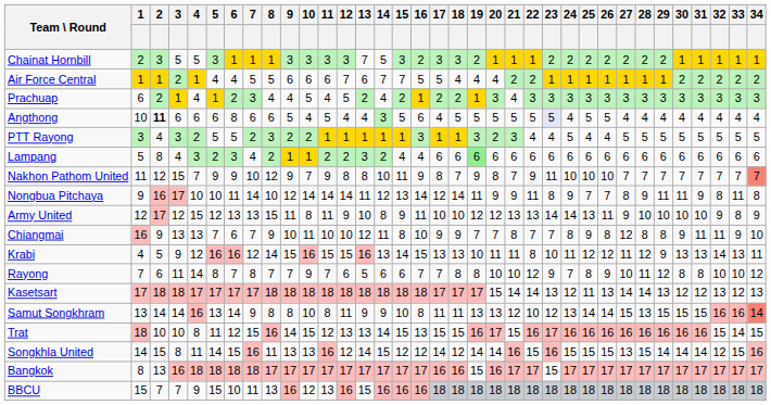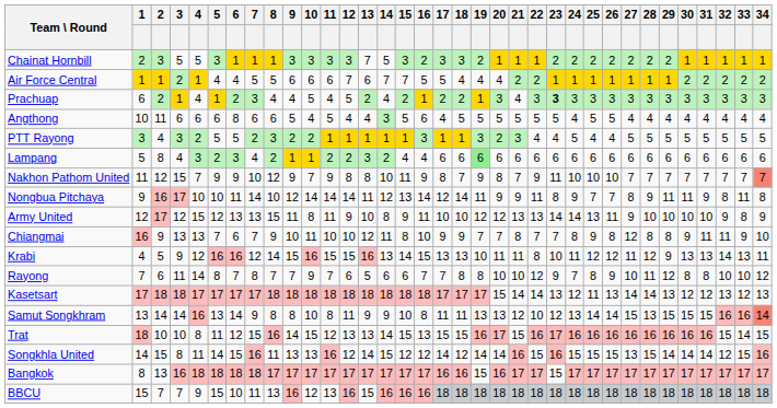 <table class="wikitable sortable" style="font-size: 74%; text-align:center;">
 <tr>
 <th rowspan="2" style="width:76px;">Team \ Round</th>
 <th align=center>1</th>
 <th align=center>2</th>
 <th align=center>3</th>
 <th align=center>4</th>
 <th align=center>5</th>
 <th align=center>6</th>
 <th align=center>7</th>
 <th align=center>8</th>
 <th align=center>9</th>
 <th align=center>10</th>
 <th align=center>11</th>
 <th align=center>12</th>
 <th align=center>13</th>
 <th align=center>14</th>
 <th align=center>15</th>
 <th align=center>16</th>
 <th align=center>17</th>
 <th align=center>18</th>
 <th align=center>19</th>
 <th align=center>20</th>
 <th align=center>21</th>
 <th align=center>22</th>
 <th align=center>23</th>
 <th align=center>24</th>
 <th align=center>25</th>
 <th align=center>26</th>
 <th align=center>27</th>
 <th align=center>28</th>
 <th align=center>29</th>
 <th align=center>30</th>
 <th align=center>31</th>
 <th align=center>32</th>
 <th align=center>33</th>
 <th align=center>34</th>
 </tr>
 <tr>
 <th style="text-align:center; height:20px;"></th>
 <th align=center></th>
 <th align=center></th>
 <th align=center></th>
 <th align=center></th>
 <th align=center></th>
 <th align=center></th>
 <th align=center></th>
 <th align=center></th>
 <th align=center></th>
 <th align=center></th>
 <th align=center></th>
 <th align=center></th>
 <th align=center></th>
 <th align=center></th>
 <th align=center></th>
 <th align=center></th>
 <th align=center></th>
 <th align=center></th>
 <th align=center></th>
 <th align=center></th>
 <th align=center></th>
 <th align=center></th>
 <th align=center></th>
 <th align=center></th>
 <th align=center></th>
 <th align=center></th>
 <th align=center></th>
 <th align=center></th>
 <th align=center></th>
 <th align=center></th>
 <th align=center></th>
 <th align=center></th>
 <th align=center></th>
 </tr>
 <tr align=center>
 <td align=left><a href='#'>Chainat Hornbill</a></td>
 <td style="background:#BBF3BB">2</td>
 <td style="background:#BBF3BB">3</td>
 <td>5</td>
 <td>5</td>
 <td style="background:#BBF3BB">3</td>
 <td style="background:gold">1</td>
 <td style="background:gold">1</td>
 <td style="background:gold">1</td>
 <td style="background:#BBF3BB">3</td>
 <td style="background:#BBF3BB">3</td>
 <td style="background:#BBF3BB">3</td>
 <td style="background:#BBF3BB">3</td>
 <td>7</td>
 <td>5</td>
 <td style="background:#BBF3BB">3</td>
 <td style="background:#BBF3BB">2</td>
 <td style="background:#BBF3BB">3</td>
 <td style="background:#BBF3BB">3</td>
 <td style="background:#BBF3BB">2</td>
 <td style="background:gold">1</td>
 <td style="background:gold">1</td>
 <td style="background:gold">1</td>
 <td style="background:#BBF3BB">2</td>
 <td style="background:#BBF3BB">2</td>
 <td style="background:#BBF3BB">2</td>
 <td style="background:#BBF3BB">2</td>
 <td style="background:#BBF3BB">2</td>
 <td style="background:#BBF3BB">2</td>
 <td style="background:#BBF3BB">2</td>
 <td style="background:gold">1</td>
 <td style="background:gold">1</td>
 <td style="background:gold">1</td>
 <td style="background:gold">1</td>
 <td style="background:gold">1</td>
 </tr>
 <tr align=center>
 <td align=left><a href='#'>Air Force Central</a></td>
 <td style="background:gold">1</td>
 <td style="background:gold">1</td>
 <td style="background:#BBF3BB">2</td>
 <td style="background:gold">1</td>
 <td>4</td>
 <td>4</td>
 <td>5</td>
 <td>5</td>
 <td>6</td>
 <td>6</td>
 <td>6</td>
 <td>7</td>
 <td>6</td>
 <td>7</td>
 <td>7</td>
 <td>5</td>
 <td>5</td>
 <td>4</td>
 <td>4</td>
 <td>4</td>
 <td style="background:#BBF3BB">2</td>
 <td style="background:#BBF3BB">2</td>
 <td style="background:gold">1</td>
 <td style="background:gold">1</td>
 <td style="background:gold">1</td>
 <td style="background:gold">1</td>
 <td style="background:gold">1</td>
 <td style="background:gold">1</td>
 <td style="background:gold">1</td>
 <td style="background:#BBF3BB">2</td>
 <td style="background:#BBF3BB">2</td>
 <td style="background:#BBF3BB">2</td>
 <td style="background:#BBF3BB">2</td>
 <td style="background:#BBF3BB">2</td>
 </tr>
 <tr align=center>
 <td align=left><a href='#'>Prachuap</a></td>
 <td>6</td>
 <td style="background:#BBF3BB">2</td>
 <td style="background:gold">1</td>
 <td>4</td>
 <td style="background:gold">1</td>
 <td style="background:#BBF3BB">2</td>
 <td style="background:#BBF3BB">3</td>
 <td>4</td>
 <td>4</td>
 <td>5</td>
 <td>4</td>
 <td>5</td>
 <td style="background:#BBF3BB">2</td>
 <td>4</td>
 <td style="background:#BBF3BB">2</td>
 <td style="background:gold">1</td>
 <td style="background:#BBF3BB">2</td>
 <td style="background:#BBF3BB">2</td>
 <td style="background:gold">1</td>
 <td style="background:#BBF3BB">3</td>
 <td>4</td>
 <td style="background:#BBF3BB">3</td>
-<td style="background:#BBF3BB">3</td>
+<td style="background:#BBF3BB"><strong>3</strong></td>
 <td style="background:#BBF3BB">3</td>
 <td style="background:#BBF3BB">3</td>
 <td style="background:#BBF3BB">3</td>
 <td style="background:#BBF3BB">3</td>
 <td style="background:#BBF3BB">3</td>
 <td style="background:#BBF3BB">3</td>
 <td style="background:#BBF3BB">3</td>
 <td style="background:#BBF3BB">3</td>
 <td style="background:#BBF3BB">3</td>
 <td style="background:#BBF3BB">3</td>
 <td style="background:#BBF3BB">3</td>
 </tr>
 <tr align=center>
 <td align=left><a href='#'>Angthong</a></td>
 <td>10</td>
-<td><strong>11</strong></td>
+<td>11</td>
 <td>6</td>
 <td>6</td>
 <td>6</td>
 <td>8</td>
 <td>6</td>
 <td>6</td>
 <td>5</td>
 <td>4</td>
 <td>5</td>
 <td>4</td>
 <td>4</td>
 <td style="background:#BBF3BB">3</td>
 <td>5</td>
 <td>6</td>
 <td>4</td>
 <td>5</td>
 <td>5</td>
 <td>5</td>
 <td>5</td>
 <td>5</td>
-<td style="background: lavender;">5</td>
+<td>5</td>
 <td>4</td>
 <td>5</td>
 <td>5</td>
 <td>4</td>
 <td>4</td>
 <td>4</td>
 <td>4</td>
 <td>4</td>
 <td>4</td>
 <td>4</td>
 <td>4</td>
 </tr>
 <tr align=center>
 <td align=left><a href='#'>PTT Rayong</a></td>
 <td style="background:#BBF3BB">3</td>
 <td>4</td>
 <td style="background:#BBF3BB">3</td>
 <td style="background:#BBF3BB">2</td>
 <td>5</td>
 <td>5</td>
 <td style="background:#BBF3BB">2</td>
 <td style="background:#BBF3BB">3</td>
 <td style="background:#BBF3BB">2</td>
 <td style="background:#BBF3BB">2</td>
 <td style="background:gold">1</td>
 <td style="background:gold">1</td>
 <td style="background:gold">1</td>
 <td style="background:gold">1</td>
 <td style="background:gold">1</td>
 <td style="background:#BBF3BB">3</td>
 <td style="background:gold">1</td>
 <td style="background:gold">1</td>
 <td style="background:#BBF3BB">3</td>
 <td style="background:#BBF3BB">2</td>
 <td style="background:#BBF3BB">3</td>
 <td>4</td>
 <td>4</td>
 <td>5</td>
 <td>4</td>
 <td>4</td>
 <td>5</td>
 <td>5</td>
 <td>5</td>
 <td>5</td>
 <td>5</td>
 <td>5</td>
 <td>5</td>
 <td>5</td>
 </tr>
 <tr align=center>
 <td align=left><a href='#'>Lampang</a></td>
 <td>5</td>
 <td>8</td>
 <td>4</td>
 <td style="background:#BBF3BB">3</td>
 <td style="background:#BBF3BB">2</td>
 <td style="background:#BBF3BB">3</td>
 <td>4</td>
 <td style="background:#BBF3BB">2</td>
 <td style="background:gold">1</td>
 <td style="background:gold">1</td>
 <td style="background:#BBF3BB">2</td>
 <td style="background:#BBF3BB">2</td>
 <td style="background:#BBF3BB">3</td>
 <td style="background:#BBF3BB">2</td>
 <td>4</td>
 <td>4</td>
 <td>6</td>
 <td>6</td>
 <td style="background: lightgreen;">6</td>
 <td>6</td>
 <td>6</td>
 <td>6</td>
 <td>6</td>
 <td>6</td>
 <td>6</td>
 <td>6</td>
 <td>6</td>
 <td>6</td>
 <td>6</td>
 <td>6</td>
 <td>6</td>
 <td>6</td>
 <td>6</td>
 <td>6</td>
 </tr>
 <tr align=center>
 <td align=left><a href='#'>Nakhon Pathom United</a></td>
 <td>11</td>
 <td>12</td>
 <td>15</td>
 <td>7</td>
 <td>9</td>
 <td>9</td>
 <td>10</td>
 <td>12</td>
 <td>9</td>
 <td>7</td>
 <td>9</td>
 <td>8</td>
 <td>8</td>
 <td>10</td>
 <td>11</td>
 <td>9</td>
 <td>8</td>
 <td>7</td>
 <td>9</td>
 <td>8</td>
 <td>7</td>
 <td>9</td>
 <td>11</td>
 <td>10</td>
 <td>10</td>
 <td>10</td>
 <td>7</td>
 <td>7</td>
 <td>7</td>
 <td>7</td>
 <td>7</td>
 <td>7</td>
 <td>7</td>
 <td style="background:#FA8072">7</td>
 </tr>
 <tr align=center>
 <td align=left><a href='#'>Nongbua Pitchaya</a></td>
 <td>9</td>
 <td style="background:#FFBBBB">16</td>
 <td style="background:#FFBBBB">17</td>
 <td>10</td>
 <td>10</td>
 <td>11</td>
 <td>14</td>
 <td>10</td>
 <td>12</td>
 <td>14</td>
 <td>14</td>
 <td>14</td>
 <td>11</td>
 <td>12</td>
 <td>13</td>
 <td>14</td>
 <td>12</td>
 <td>14</td>
 <td>11</td>
 <td>9</td>
 <td>9</td>
 <td>11</td>
 <td>8</td>
 <td>9</td>
 <td>7</td>
 <td>7</td>
 <td>8</td>
 <td>9</td>
 <td>11</td>
 <td>11</td>
 <td>9</td>
 <td>8</td>
 <td>11</td>
 <td>8</td>
 </tr>
 <tr align=center>
 <td align=left><a href='#'>Army United</a></td>
 <td>12</td>
 <td style="background:#FFBBBB">17</td>
 <td>12</td>
 <td>15</td>
 <td>12</td>
 <td>13</td>
 <td>13</td>
 <td>15</td>
 <td>11</td>
 <td>8</td>
 <td>11</td>
 <td>9</td>
 <td>10</td>
 <td>8</td>
 <td>9</td>
 <td>11</td>
 <td>10</td>
 <td>10</td>
 <td>12</td>
 <td>12</td>
 <td>13</td>
 <td>13</td>
 <td>14</td>
 <td>14</td>
 <td>13</td>
 <td>11</td>
 <td>9</td>
 <td>10</td>
 <td>10</td>
 <td>10</td>
 <td>10</td>
 <td>9</td>
 <td>8</td>
 <td>9</td>
 </tr>
 <tr align=center>
 <td align=left><a href='#'>Chiangmai</a></td>
 <td style="background:#FFBBBB">16</td>
 <td>9</td>
 <td>13</td>
 <td>13</td>
 <td>7</td>
 <td>6</td>
 <td>7</td>
 <td>9</td>
 <td>10</td>
 <td>11</td>
 <td>10</td>
 <td>10</td>
 <td>12</td>
 <td>11</td>
 <td>8</td>
 <td>10</td>
 <td>9</td>
 <td>9</td>
 <td>7</td>
 <td>7</td>
 <td>8</td>
 <td>7</td>
 <td>7</td>
 <td>8</td>
 <td>9</td>
 <td>8</td>
 <td>12</td>
 <td>8</td>
 <td>8</td>
 <td>9</td>
 <td>11</td>
 <td>11</td>
 <td>9</td>
 <td>10</td>
 </tr>
 <tr align=center>
 <td align=left><a href='#'>Krabi</a></td>
 <td>4</td>
 <td>5</td>
 <td>9</td>
 <td>12</td>
 <td style="background:#FFBBBB">16</td>
 <td style="background:#FFBBBB">16</td>
 <td>12</td>
 <td>14</td>
 <td>15</td>
 <td style="background:#FFBBBB">16</td>
 <td>15</td>
 <td>15</td>
 <td style="background:#FFBBBB">16</td>
 <td>13</td>
 <td>14</td>
 <td>15</td>
 <td>13</td>
 <td>13</td>
 <td>10</td>
 <td>11</td>
 <td>11</td>
 <td>8</td>
 <td>10</td>
 <td>11</td>
 <td>12</td>
 <td>12</td>
 <td>11</td>
 <td>12</td>
 <td>9</td>
 <td>13</td>
 <td>13</td>
 <td>14</td>
 <td>13</td>
 <td>11</td>
 </tr>
 <tr align=center>
 <td align=left><a href='#'>Rayong</a></td>
 <td>7</td>
 <td>6</td>
 <td>11</td>
 <td>14</td>
 <td>8</td>
 <td>7</td>
 <td>8</td>
 <td>7</td>
 <td>7</td>
 <td>9</td>
 <td>7</td>
 <td>6</td>
 <td>5</td>
 <td>6</td>
 <td>6</td>
 <td>7</td>
 <td>7</td>
 <td>8</td>
 <td>8</td>
 <td>10</td>
 <td>10</td>
 <td>12</td>
 <td>9</td>
 <td>7</td>
 <td>8</td>
 <td>9</td>
 <td>10</td>
 <td>11</td>
 <td>12</td>
 <td>8</td>
 <td>8</td>
 <td>10</td>
 <td>10</td>
 <td>12</td>
 </tr>
 <tr align=center>
 <td align=left><a href='#'>Kasetsart</a></td>
 <td style="background:#FFBBBB">17</td>
 <td style="background:#FFBBBB">18</td>
 <td style="background:#FFBBBB">18</td>
 <td style="background:#FFBBBB">17</td>
 <td style="background:#FFBBBB">17</td>
 <td style="background:#FFBBBB">17</td>
 <td style="background:#FFBBBB">17</td>
 <td style="background:#FFBBBB">18</td>
 <td style="background:#FFBBBB">18</td>
 <td style="background:#FFBBBB">18</td>
 <td style="background:#FFBBBB">18</td>
 <td style="background:#FFBBBB">18</td>
 <td style="background:#FFBBBB">18</td>
 <td style="background:#FFBBBB">18</td>
 <td style="background:#FFBBBB">18</td>
 <td style="background:#FFBBBB">18</td>
 <td style="background:#FFBBBB">17</td>
 <td style="background:#FFBBBB">17</td>
 <td style="background:#FFBBBB">17</td>
 <td>15</td>
 <td>14</td>
 <td>14</td>
 <td>13</td>
 <td>12</td>
 <td>11</td>
 <td>13</td>
 <td>14</td>
 <td>14</td>
 <td>13</td>
 <td>12</td>
 <td>12</td>
 <td>13</td>
 <td>12</td>
 <td>13</td>
 </tr>
 <tr align=center>
 <td align=left><a href='#'>Samut Songkhram</a></td>
 <td>13</td>
 <td>14</td>
 <td>14</td>
 <td style="background:#FFBBBB">16</td>
 <td>13</td>
 <td>14</td>
 <td>9</td>
 <td>8</td>
 <td>8</td>
 <td>10</td>
 <td>8</td>
 <td>11</td>
 <td>9</td>
 <td>9</td>
 <td>10</td>
 <td>8</td>
 <td>11</td>
 <td>11</td>
 <td>13</td>
 <td>13</td>
 <td>12</td>
 <td>10</td>
 <td>12</td>
 <td>13</td>
 <td>14</td>
 <td>14</td>
 <td>15</td>
 <td>13</td>
 <td>15</td>
 <td>15</td>
 <td>15</td>
 <td style="background:#FFBBBB">16</td>
 <td style="background:#FFBBBB">16</td>
 <td style="background:#FA8072">14</td>
 </tr>
 <tr align=center>
 <td align=left><a href='#'>Trat</a></td>
 <td style="background:#FFBBBB">18</td>
 <td>10</td>
 <td>10</td>
 <td>8</td>
 <td>11</td>
 <td>12</td>
 <td>15</td>
 <td style="background:#FFBBBB">16</td>
 <td>14</td>
 <td>15</td>
 <td>12</td>
 <td>13</td>
 <td>13</td>
 <td>14</td>
 <td>15</td>
 <td>13</td>
 <td>15</td>
 <td>15</td>
 <td style="background:#FFBBBB">16</td>
 <td style="background:#FFBBBB">17</td>
 <td>15</td>
 <td style="background:#FFBBBB">16</td>
 <td style="background:#FFBBBB">17</td>
 <td style="background:#FFBBBB">16</td>
 <td style="background:#FFBBBB">16</td>
 <td style="background:#FFBBBB">16</td>
 <td style="background:#FFBBBB">16</td>
 <td style="background:#FFBBBB">16</td>
 <td style="background:#FFBBBB">16</td>
 <td style="background:#FFBBBB">16</td>
 <td style="background:#FFBBBB">16</td>
 <td>15</td>
 <td>14</td>
 <td>15</td>
 </tr>
 <tr align=center>
 <td align=left><a href='#'>Songkhla United</a></td>
 <td>14</td>
 <td>15</td>
 <td>8</td>
 <td>11</td>
 <td>14</td>
 <td>15</td>
 <td style="background:#FFBBBB">16</td>
 <td>11</td>
 <td>13</td>
 <td>13</td>
 <td style="background:#FFBBBB">16</td>
 <td>12</td>
 <td>14</td>
 <td>15</td>
 <td>12</td>
 <td>12</td>
 <td>14</td>
 <td>12</td>
 <td>14</td>
 <td>14</td>
 <td style="background:#FFBBBB">16</td>
 <td>15</td>
 <td style="background:#FFBBBB">16</td>
 <td>15</td>
 <td>15</td>
 <td>15</td>
 <td>13</td>
 <td>15</td>
 <td>14</td>
 <td>14</td>
 <td>14</td>
 <td>12</td>
 <td>15</td>
 <td style="background:#FFBBBB">16</td>
 </tr>
 <tr align=center>
 <td align=left><a href='#'>Bangkok</a></td>
 <td>8</td>
 <td>13</td>
 <td style="background:#FFBBBB">16</td>
 <td style="background:#FFBBBB">18</td>
 <td style="background:#FFBBBB">18</td>
 <td style="background:#FFBBBB">18</td>
 <td style="background:#FFBBBB">18</td>
 <td style="background:#FFBBBB">17</td>
 <td style="background:#FFBBBB">17</td>
 <td style="background:#FFBBBB">17</td>
 <td style="background:#FFBBBB">17</td>
 <td style="background:#FFBBBB">17</td>
 <td style="background:#FFBBBB">17</td>
 <td style="background:#FFBBBB">17</td>
 <td style="background:#FFBBBB">17</td>
 <td style="background:#FFBBBB">17</td>
 <td style="background:#FFBBBB">16</td>
 <td style="background:#FFBBBB">16</td>
 <td>15</td>
 <td style="background:#FFBBBB">16</td>
 <td style="background:#FFBBBB">17</td>
 <td style="background:#FFBBBB">17</td>
 <td>15</td>
 <td style="background:#FFBBBB">17</td>
 <td style="background:#FFBBBB">17</td>
 <td style="background:#FFBBBB">17</td>
 <td style="background:#FFBBBB">17</td>
 <td style="background:#FFBBBB">17</td>
 <td style="background:#FFBBBB">17</td>
 <td style="background:#FFBBBB">17</td>
 <td style="background:#FFBBBB">17</td>
 <td style="background:#FFBBBB">17</td>
 <td style="background:#FFBBBB">17</td>
 <td style="background:#FFBBBB">17</td>
 </tr>
 <tr align=center>
 <td align=left><a href='#'>BBCU</a></td>
 <td>15</td>
 <td>7</td>
 <td>7</td>
 <td>9</td>
 <td>15</td>
 <td>10</td>
 <td>11</td>
 <td>13</td>
 <td style="background:#FFBBBB">16</td>
 <td>12</td>
 <td>13</td>
 <td style="background:#FFBBBB">16</td>
 <td>15</td>
 <td style="background:#FFBBBB">16</td>
 <td style="background:#FFBBBB">16</td>
 <td style="background:#FFBBBB">16</td>
 <td style="background:#C8CCD1">18</td>
 <td style="background:#C8CCD1">18</td>
 <td style="background:#C8CCD1">18</td>
 <td style="background:#C8CCD1">18</td>
 <td style="background:#C8CCD1">18</td>
 <td style="background:#C8CCD1">18</td>
 <td style="background:#C8CCD1">18</td>
 <td style="background:#C8CCD1">18</td>
 <td style="background:#C8CCD1">18</td>
 <td style="background:#C8CCD1">18</td>
 <td style="background:#C8CCD1">18</td>
 <td style="background:#C8CCD1">18</td>
 <td style="background:#C8CCD1">18</td>
 <td style="background:#C8CCD1">18</td>
 <td style="background:#C8CCD1">18</td>
 <td style="background:#C8CCD1">18</td>
 <td style="background:#C8CCD1">18</td>
 <td style="background:#C8CCD1">18</td>
 </tr>
 </table>
